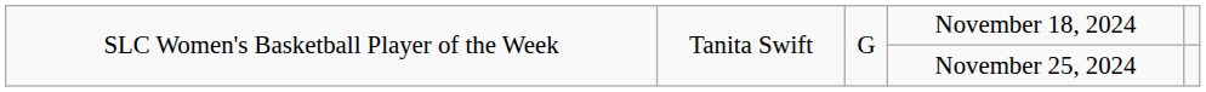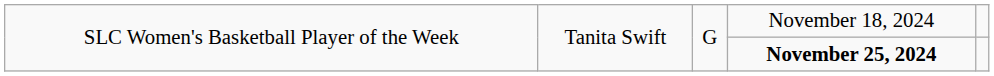 <table class="wikitable" style="width: 60%;text-align: center;">
 <tr align="center">
 <td rowspan="2">SLC Women's Basketball Player of the Week</td>
 <td rowspan="2">Tanita Swift</td>
 <td rowspan="2">G</td>
 <td>November 18, 2024</td>
 <td></td>
 </tr>
 <tr align="center">
-<td>November 25, 2024</td>
+<td><strong>November 25, 2024</strong></td>
 <td></td>
 </tr>
 </table>
